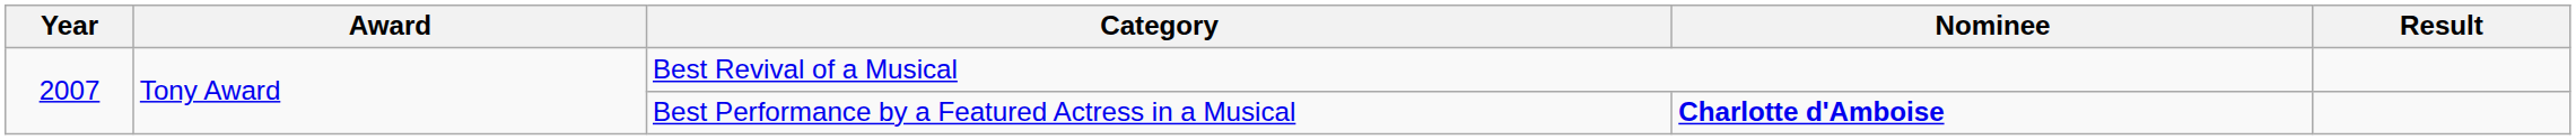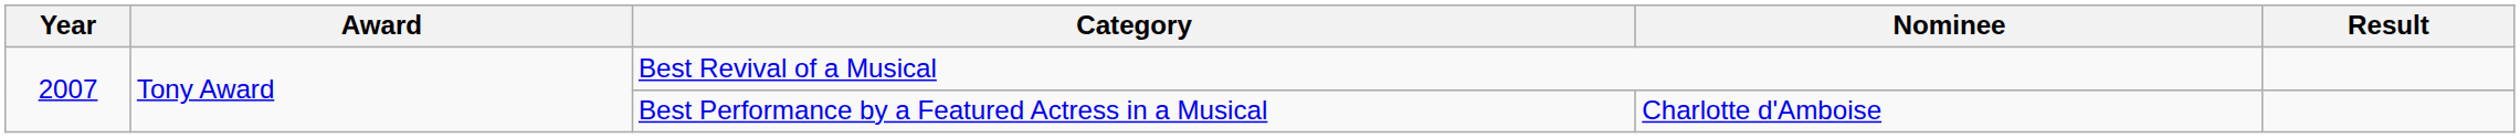 <table class="wikitable" width="95%">
 <tr>
 <th width="5%">Year</th>
 <th width="20%">Award</th>
 <th width="40%">Category</th>
 <th width="25%">Nominee</th>
 <th width="10%">Result</th>
 </tr>
 <tr>
 <td rowspan="2" align="center"><a href='#'>2007</a></td>
 <td rowspan="2"><a href='#'>Tony Award</a></td>
 <td colspan="2"><a href='#'>Best Revival of a Musical</a></td>
 <td></td>
 </tr>
 <tr>
 <td><a href='#'>Best Performance by a Featured Actress in a Musical</a></td>
-<td><strong><a href='#'>Charlotte d'Amboise</a></strong></td>
+<td><a href='#'>Charlotte d'Amboise</a></td>
 <td></td>
 </tr>
 </table>
